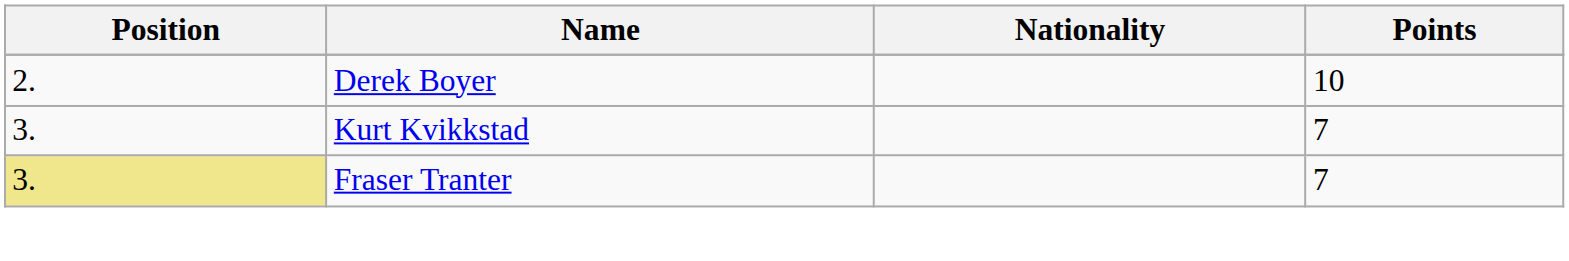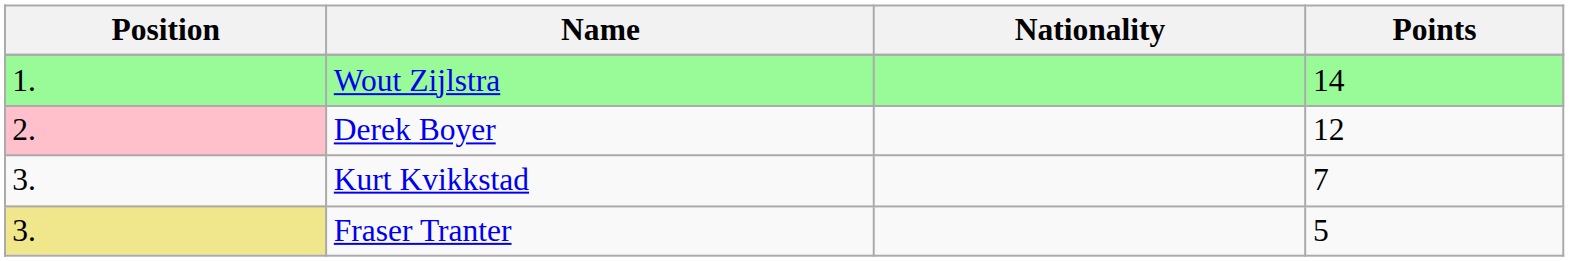 <table class="wikitable" style="display: inline-table; width: 50%;">
 <tr>
 <th>Position</th>
 <th>Name</th>
 <th>Nationality</th>
 <th>Points</th>
 </tr>
 <tr>
 </tr>
+<tr bgcolor=palegreen>
+<td>1.</td>
+<td><a href='#'>Wout Zijlstra</a></td>
+<td></td>
+<td>14</td>
+</tr>
 <tr>
-<td>2.</td>
+<td style="background: pink;">2.</td>
 <td><a href='#'>Derek Boyer</a></td>
 <td></td>
-<td>10</td>
+<td>12</td>
 </tr>
 <tr>
 <td>3.</td>
 <td><a href='#'>Kurt Kvikkstad</a></td>
 <td></td>
 <td>7</td>
 </tr>
 <tr>
 <td style="background: khaki;">3.</td>
 <td><a href='#'>Fraser Tranter</a></td>
 <td></td>
-<td>7</td>
+<td>5</td>
 </tr>
 </table>
